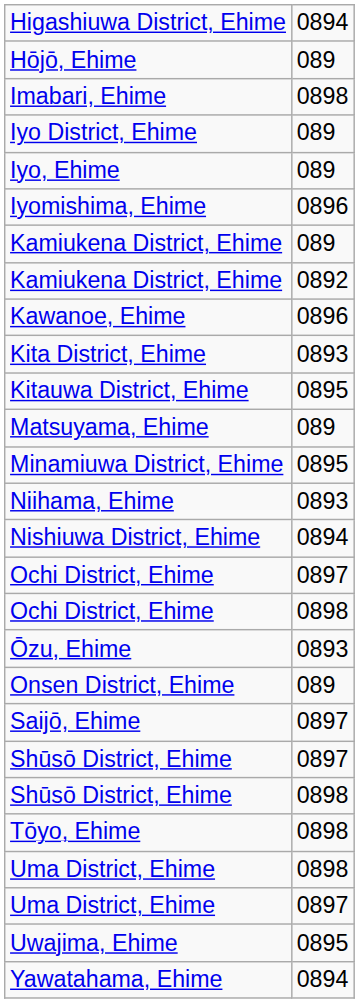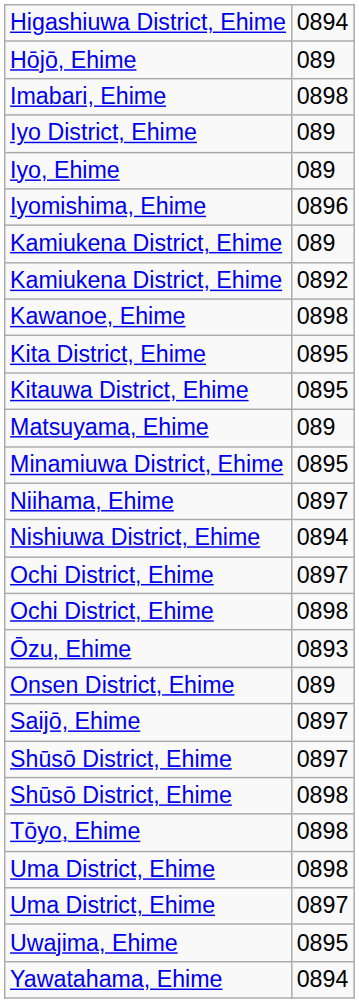 <table class="wikitable">
 <tr>
 <td><a href='#'>Higashiuwa District, Ehime</a></td>
 <td>0894</td>
 </tr>
 <tr>
 <td><a href='#'>Hōjō, Ehime</a></td>
 <td>089</td>
 </tr>
 <tr>
 <td><a href='#'>Imabari, Ehime</a></td>
 <td>0898</td>
 </tr>
 <tr>
 <td><a href='#'>Iyo District, Ehime</a></td>
 <td>089</td>
 </tr>
 <tr>
 <td><a href='#'>Iyo, Ehime</a></td>
 <td>089</td>
 </tr>
 <tr>
 <td><a href='#'>Iyomishima, Ehime</a></td>
 <td>0896</td>
 </tr>
 <tr>
 <td><a href='#'>Kamiukena District, Ehime</a></td>
 <td>089</td>
 </tr>
 <tr>
 <td><a href='#'>Kamiukena District, Ehime</a></td>
 <td>0892</td>
 </tr>
 <tr>
 <td><a href='#'>Kawanoe, Ehime</a></td>
-<td>0896</td>
+<td>0898</td>
 </tr>
 <tr>
 <td><a href='#'>Kita District, Ehime</a></td>
-<td>0893</td>
+<td>0895</td>
 </tr>
 <tr>
 <td><a href='#'>Kitauwa District, Ehime</a></td>
 <td>0895</td>
 </tr>
 <tr>
 <td><a href='#'>Matsuyama, Ehime</a></td>
 <td>089</td>
 </tr>
 <tr>
 <td><a href='#'>Minamiuwa District, Ehime</a></td>
 <td>0895</td>
 </tr>
 <tr>
 <td><a href='#'>Niihama, Ehime</a></td>
-<td>0893</td>
+<td>0897</td>
 </tr>
 <tr>
 <td><a href='#'>Nishiuwa District, Ehime</a></td>
 <td>0894</td>
 </tr>
 <tr>
 <td><a href='#'>Ochi District, Ehime</a></td>
 <td>0897</td>
 </tr>
 <tr>
 <td><a href='#'>Ochi District, Ehime</a></td>
 <td>0898</td>
 </tr>
 <tr>
 <td><a href='#'>Ōzu, Ehime</a></td>
 <td>0893</td>
 </tr>
 <tr>
 <td><a href='#'>Onsen District, Ehime</a></td>
 <td>089</td>
 </tr>
 <tr>
 <td><a href='#'>Saijō, Ehime</a></td>
 <td>0897</td>
 </tr>
 <tr>
 <td><a href='#'>Shūsō District, Ehime</a></td>
 <td>0897</td>
 </tr>
 <tr>
 <td><a href='#'>Shūsō District, Ehime</a></td>
 <td>0898</td>
 </tr>
 <tr>
 <td><a href='#'>Tōyo, Ehime</a></td>
 <td>0898</td>
 </tr>
 <tr>
 <td><a href='#'>Uma District, Ehime</a></td>
 <td>0898</td>
 </tr>
 <tr>
 <td><a href='#'>Uma District, Ehime</a></td>
 <td>0897</td>
 </tr>
 <tr>
 <td><a href='#'>Uwajima, Ehime</a></td>
 <td>0895</td>
 </tr>
 <tr>
 <td><a href='#'>Yawatahama, Ehime</a></td>
 <td>0894</td>
 </tr>
 </table>
